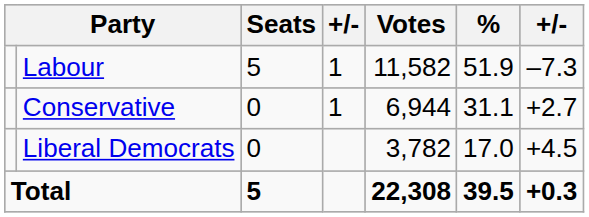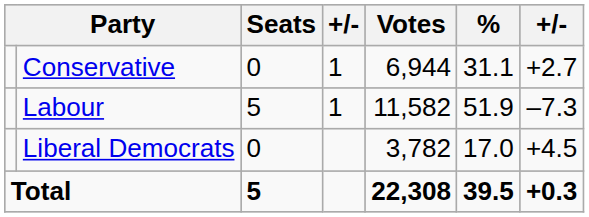 <table class="wikitable sortable">
 <tr>
 <th colspan="2">Party</th>
 <th>Seats</th>
 <th>+/-</th>
 <th>Votes</th>
 <th>%</th>
 <th>+/-</th>
 </tr>
 <tr>
 <td style="background-color: "></td>
+<td><a href='#'>Conservative</a></td>
+<td>0</td>
+<td> 1</td>
+<td style="text-align:right;">6,944</td>
+<td style="text-align:right;">31.1</td>
+<td style="text-align:right;">+2.7</td>
+</tr>
+<tr>
+<td style="background-color: "></td>
 <td><a href='#'>Labour</a></td>
 <td>5</td>
 <td> 1</td>
 <td style="text-align:right;">11,582</td>
 <td style="text-align:right;">51.9</td>
 <td style="text-align:right;">–7.3</td>
-</tr>
-<tr>
-<td style="background-color: "></td>
-<td><a href='#'>Conservative</a></td>
-<td>0</td>
-<td> 1</td>
-<td style="text-align:right;">6,944</td>
-<td style="text-align:right;">31.1</td>
-<td style="text-align:right;">+2.7</td>
 </tr>
 <tr>
 <td style="background-color: "></td>
 <td><a href='#'>Liberal Democrats</a></td>
 <td>0</td>
 <td></td>
 <td style="text-align:right;">3,782</td>
 <td style="text-align:right;">17.0</td>
 <td style="text-align:right;">+4.5</td>
 </tr>
 <tr>
 <td colspan="2"><strong>Total</strong></td>
 <td><strong>5</strong></td>
 <td></td>
 <td style="text-align:right;"><strong>22,308</strong></td>
 <td style="text-align:right;"><strong>39.5</strong></td>
 <td style="text-align:right;"><strong>+0.3</strong></td>
 </tr>
 </table>
